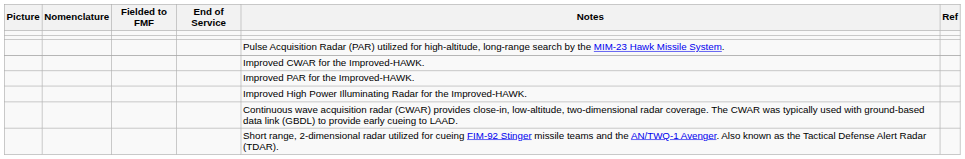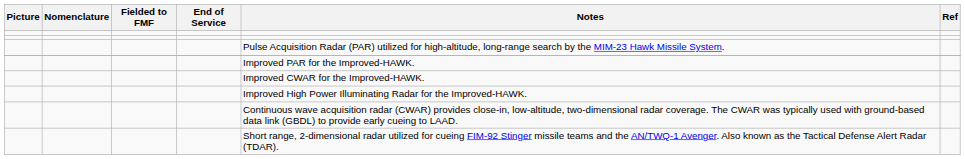 <table class="wikitable sortable">
 <tr>
 <th class="unsortable">Picture</th>
 <th class="unsortable">Nomenclature</th>
 <th class="unsortable">Fielded to FMF</th>
 <th class="unsortable">End of Service</th>
 <th class="unsortable">Notes</th>
 <th class="unsortable">Ref</th>
 </tr>
 <tr>
 <td></td>
 <td></td>
 <td></td>
 <td></td>
 <td></td>
 <td></td>
 </tr>
 <tr>
 <td></td>
 <td></td>
 <td></td>
 <td></td>
 <td></td>
 <td></td>
 </tr>
 <tr>
 <td></td>
 <td></td>
 <td></td>
 <td></td>
 <td>Pulse Acquisition Radar (PAR) utilized for high-altitude, long-range search by the <a href='#'>MIM-23 Hawk Missile System</a>.</td>
 <td></td>
 </tr>
 <tr>
 </tr>
 <tr>
 <td></td>
 <td></td>
 <td></td>
 <td></td>
-<td>Improved CWAR for the Improved-HAWK.</td>
+<td>Improved PAR for the Improved-HAWK.</td>
 <td></td>
 </tr>
 <tr>
 <td></td>
 <td></td>
 <td></td>
 <td></td>
-<td>Improved PAR for the Improved-HAWK.</td>
+<td>Improved CWAR for the Improved-HAWK.</td>
 <td></td>
 </tr>
 <tr>
 <td></td>
 <td></td>
 <td></td>
 <td></td>
 <td>Improved High Power Illuminating Radar for the Improved-HAWK.</td>
 <td></td>
 </tr>
 <tr>
 <td></td>
 <td></td>
 <td></td>
 <td></td>
 <td>Continuous wave acquisition radar (CWAR) provides close-in, low-altitude, two-dimensional radar coverage. The CWAR was typically used with ground-based data link (GBDL) to provide early cueing to LAAD.</td>
 <td></td>
 </tr>
 <tr>
 <td></td>
 <td></td>
 <td></td>
 <td></td>
 <td>Short range, 2-dimensional radar utilized for cueing <a href='#'>FIM-92 Stinger</a> missile teams and the <a href='#'>AN/TWQ-1 Avenger</a>. Also known as the Tactical Defense Alert Radar (TDAR).</td>
 <td></td>
 </tr>
 </table>
